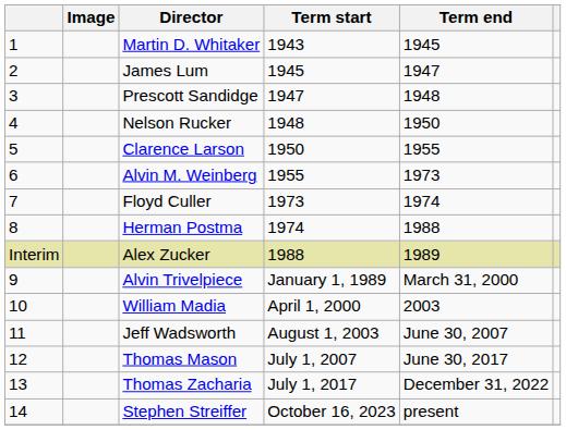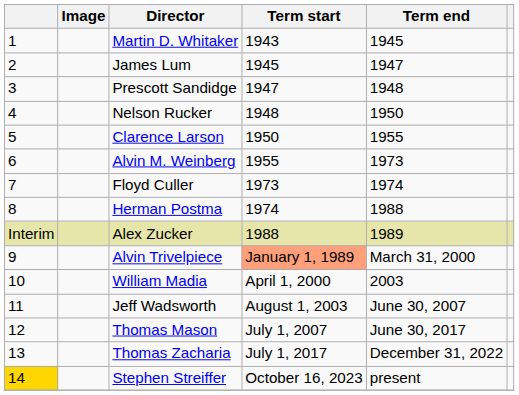 <table class="wikitable">
 <tr>
 <th></th>
 <th>Image</th>
 <th>Director</th>
 <th>Term start</th>
 <th>Term end</th>
 <th></th>
 </tr>
 <tr>
 <td>1</td>
 <td></td>
 <td><a href='#'>Martin D. Whitaker</a></td>
 <td>1943</td>
 <td>1945</td>
 <td></td>
 </tr>
 <tr>
 <td>2</td>
 <td></td>
 <td>James Lum</td>
 <td>1945</td>
 <td>1947</td>
 <td></td>
 </tr>
 <tr>
 <td>3</td>
 <td></td>
 <td>Prescott Sandidge</td>
 <td>1947</td>
 <td>1948</td>
 <td></td>
 </tr>
 <tr>
 <td>4</td>
 <td></td>
 <td>Nelson Rucker</td>
 <td>1948</td>
 <td>1950</td>
 <td></td>
 </tr>
 <tr>
 <td>5</td>
 <td></td>
 <td><a href='#'>Clarence Larson</a></td>
 <td>1950</td>
 <td>1955</td>
 <td></td>
 </tr>
 <tr>
 <td>6</td>
 <td></td>
 <td><a href='#'>Alvin M. Weinberg</a></td>
 <td>1955</td>
 <td>1973</td>
 <td></td>
 </tr>
 <tr>
 <td>7</td>
 <td></td>
 <td>Floyd Culler</td>
 <td>1973</td>
 <td>1974</td>
 <td></td>
 </tr>
 <tr>
 <td>8</td>
 <td></td>
 <td><a href='#'>Herman Postma</a></td>
 <td>1974</td>
 <td>1988</td>
 <td></td>
 </tr>
 <tr bgcolor="#e6e6aa">
 <td>Interim</td>
 <td></td>
 <td>Alex Zucker</td>
 <td>1988</td>
 <td>1989</td>
 <td></td>
 </tr>
 <tr>
 <td>9</td>
 <td></td>
 <td><a href='#'>Alvin Trivelpiece</a></td>
-<td>January 1, 1989</td>
+<td style="background: lightsalmon;">January 1, 1989</td>
 <td>March 31, 2000</td>
 <td></td>
 </tr>
 <tr>
 <td>10</td>
 <td></td>
 <td><a href='#'>William Madia</a></td>
 <td>April 1, 2000</td>
 <td>2003</td>
 <td></td>
 </tr>
 <tr>
 <td>11</td>
 <td></td>
 <td>Jeff Wadsworth</td>
 <td>August 1, 2003</td>
 <td>June 30, 2007</td>
 <td></td>
 </tr>
 <tr>
 <td>12</td>
 <td></td>
 <td><a href='#'>Thomas Mason</a></td>
 <td>July 1, 2007</td>
 <td>June 30, 2017</td>
 <td></td>
 </tr>
 <tr>
 <td>13</td>
 <td></td>
 <td><a href='#'>Thomas Zacharia</a></td>
 <td>July 1, 2017</td>
 <td>December 31, 2022</td>
 <td></td>
 </tr>
 <tr>
-<td>14</td>
+<td style="background: gold;">14</td>
 <td></td>
 <td><a href='#'>Stephen Streiffer</a></td>
 <td>October 16, 2023</td>
 <td>present</td>
 <td></td>
 </tr>
 <tr>
 </tr>
 </table>
